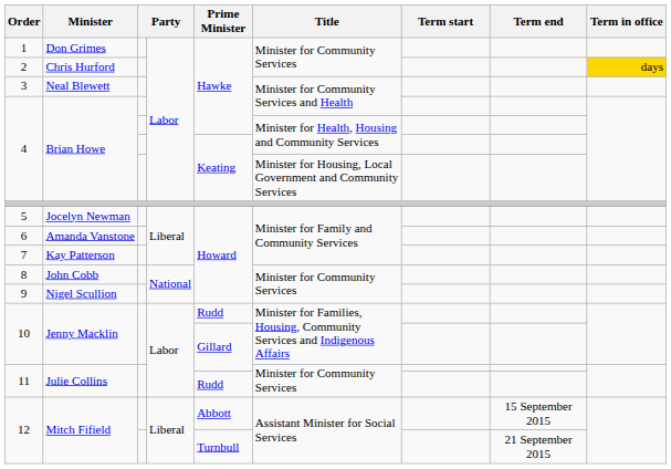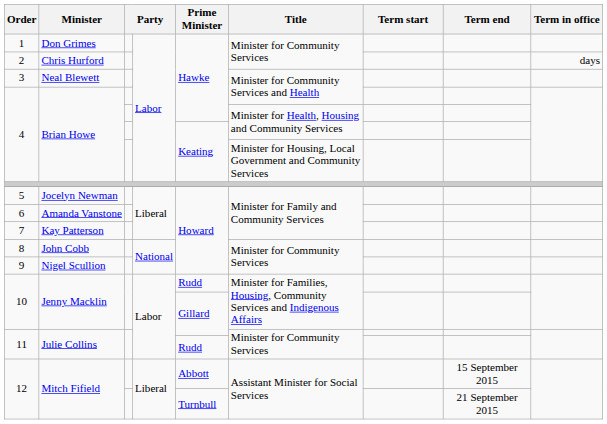 <table class="wikitable">
 <tr>
 <th width=5>Order</th>
 <th width=150>Minister</th>
 <th width=100 colspan="2">Party</th>
 <th width=75>Prime Minister</th>
 <th width=250>Title</th>
 <th width=150>Term start</th>
 <th width=150>Term end</th>
 <th width=130>Term in office</th>
 </tr>
 <tr>
 <td style="text-align:center">1</td>
 <td><a href='#'>Don Grimes</a></td>
 <td> </td>
 <td rowspan=7><a href='#'>Labor</a></td>
 <td rowspan=5><a href='#'>Hawke</a></td>
 <td rowspan=2>Minister for Community Services</td>
 <td style="text-align:center"></td>
 <td style="text-align:center"></td>
 <td style="text-align:right"></td>
 </tr>
 <tr>
 <td style="text-align:center">2</td>
 <td><a href='#'>Chris Hurford</a></td>
 <td> </td>
 <td style="text-align:center"></td>
 <td style="text-align:center"></td>
-<td style="background: gold; text-align:right"> days</td>
+<td style="text-align:right"> days</td>
 </tr>
 <tr>
 <td style="text-align:center">3</td>
 <td><a href='#'>Neal Blewett</a></td>
 <td> </td>
 <td rowspan=2>Minister for Community Services and <a href='#'>Health</a></td>
 <td style="text-align:center"></td>
 <td style="text-align:center"></td>
 <td style="text-align:right"></td>
 </tr>
 <tr>
 <td rowspan=4 style="text-align:center">4</td>
 <td rowspan=4><a href='#'>Brian Howe</a></td>
 <td> </td>
 <td style="text-align:center"></td>
 <td style="text-align:center"></td>
 <td rowspan=4 style="text-align:right"></td>
 </tr>
 <tr>
 <td> </td>
 <td rowspan=2>Minister for <a href='#'>Health</a>, <a href='#'>Housing</a> and Community Services</td>
 <td style="text-align:center"></td>
 <td style="text-align:center"></td>
 </tr>
 <tr>
 <td> </td>
 <td rowspan=2><a href='#'>Keating</a></td>
 <td style="text-align:center"></td>
 <td style="text-align:center"></td>
 </tr>
 <tr>
 <td> </td>
 <td>Minister for Housing, Local Government and Community Services</td>
 <td style="text-align:center"></td>
 <td style="text-align:center"></td>
 </tr>
 <tr>
 <th colspan=9 style="background: #cccccc;"></th>
 </tr>
 <tr>
 </tr>
 <tr>
 <td style="text-align:center">5</td>
 <td><a href='#'>Jocelyn Newman</a></td>
 <td> </td>
 <td rowspan=3>Liberal</td>
 <td rowspan=5><a href='#'>Howard</a></td>
 <td rowspan=3>Minister for Family and Community Services</td>
 <td style="text-align:center"></td>
 <td style="text-align:center"></td>
 <td style="text-align:right"></td>
 </tr>
 <tr>
 <td style="text-align:center">6</td>
 <td><a href='#'>Amanda Vanstone</a></td>
 <td> </td>
 <td style="text-align:center"></td>
 <td style="text-align:center"></td>
 <td style="text-align:right"></td>
 </tr>
 <tr>
 <td style="text-align:center">7</td>
 <td><a href='#'>Kay Patterson</a></td>
 <td> </td>
 <td style="text-align:center"></td>
 <td style="text-align:center"></td>
 <td style="text-align:right"></td>
 </tr>
 <tr>
 <td style="text-align:center">8</td>
 <td><a href='#'>John Cobb</a></td>
 <td></td>
 <td rowspan=2><a href='#'>National</a></td>
 <td rowspan=2>Minister for Community Services</td>
 <td style="text-align:center"></td>
 <td style="text-align:center"></td>
 <td style="text-align:right"></td>
 </tr>
 <tr>
 <td style="text-align:center">9</td>
 <td><a href='#'>Nigel Scullion</a></td>
 <td></td>
 <td style="text-align:center"></td>
 <td style="text-align:center"></td>
 <td style="text-align:right"></td>
 </tr>
 <tr>
 <td rowspan=2 style="text-align:center">10</td>
 <td rowspan=2><a href='#'>Jenny Macklin</a></td>
 <td rowspan=2 > </td>
 <td rowspan=4>Labor</td>
 <td><a href='#'>Rudd</a></td>
 <td rowspan=2>Minister for Families, <a href='#'>Housing</a>, Community Services and <a href='#'>Indigenous Affairs</a></td>
 <td style="text-align:center"></td>
 <td style="text-align:center"></td>
 <td rowspan=2 style="text-align:right"><strong></strong></td>
 </tr>
 <tr>
 <td rowspan=2><a href='#'>Gillard</a></td>
 <td style="text-align:center"></td>
 <td style="text-align:center"></td>
 </tr>
 <tr>
 <td rowspan=2 style="text-align:center">11</td>
 <td rowspan=2><a href='#'>Julie Collins</a></td>
 <td rowspan=2 ></td>
 <td rowspan=2>Minister for Community Services</td>
 <td style="text-align:center"></td>
 <td style="text-align:center"></td>
 <td rowspan=2 style="text-align:right"></td>
 </tr>
 <tr>
 <td><a href='#'>Rudd</a></td>
 <td style="text-align:center"></td>
 <td style="text-align:center"></td>
 </tr>
 <tr>
 <td rowspan=2 style="text-align:center">12</td>
 <td rowspan=2><a href='#'>Mitch Fifield</a></td>
 <td> </td>
 <td rowspan=2>Liberal</td>
 <td><a href='#'>Abbott</a></td>
 <td rowspan=2>Assistant Minister for Social Services</td>
 <td style="text-align:center"></td>
 <td style="text-align:center">15 September 2015</td>
 <td rowspan=2 style="text-align:right"></td>
 </tr>
 <tr>
 <td> </td>
 <td><a href='#'>Turnbull</a></td>
 <td style="text-align:center"></td>
 <td style="text-align:center">21 September 2015</td>
 </tr>
 </table>
